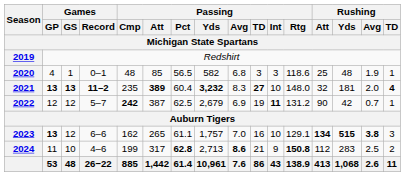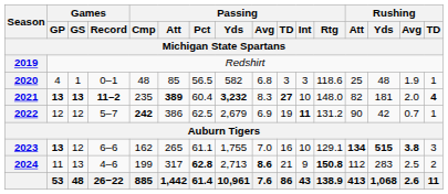 <table class="wikitable" style="text-align:center;">
 <tr>
 <th rowspan="2">Season</th>
 <th colspan="3">Games</th>
 <th colspan="8">Passing</th>
 <th colspan="5">Rushing</th>
 </tr>
 <tr>
 <th>GP</th>
 <th>GS</th>
 <th>Record</th>
 <th>Cmp</th>
 <th>Att</th>
 <th>Pct</th>
 <th>Yds</th>
 <th>Avg</th>
 <th>TD</th>
 <th>Int</th>
 <th>Rtg</th>
 <th>Att</th>
 <th>Yds</th>
 <th>Avg</th>
 <th>TD</th>
 </tr>
 <tr>
 <th colspan="16">Michigan State Spartans</th>
 </tr>
 <tr>
 <th><a href='#'>2019</a></th>
 <td colspan="15"><em>Redshirt </em></td>
 </tr>
 <tr>
 <th><a href='#'>2020</a></th>
 <td>4</td>
 <td>1</td>
 <td>0–1</td>
 <td>48</td>
 <td>85</td>
 <td>56.5</td>
 <td>582</td>
 <td>6.8</td>
 <td>3</td>
 <td>3</td>
 <td>118.6</td>
 <td>25</td>
 <td>48</td>
 <td>1.9</td>
 <td>1</td>
 </tr>
 <tr>
 <th><a href='#'>2021</a></th>
 <td><strong>13</strong></td>
 <td><strong>13</strong></td>
 <td><strong>11–2</strong></td>
 <td>235</td>
 <td><strong>389</strong></td>
 <td>60.4</td>
 <td><strong>3,232</strong></td>
 <td>8.3</td>
 <td><strong>27</strong></td>
 <td>10</td>
 <td>148.0</td>
-<td>32</td>
+<td>82</td>
 <td>181</td>
 <td>2.0</td>
 <td><strong>4</strong></td>
 </tr>
 <tr>
 <th><a href='#'>2022</a></th>
 <td>12</td>
 <td>12</td>
 <td>5–7</td>
 <td><strong>242</strong></td>
-<td>387</td>
+<td>386</td>
 <td>62.5</td>
 <td>2,679</td>
 <td>6.9</td>
 <td>19</td>
 <td><strong>11</strong></td>
 <td>131.2</td>
 <td>90</td>
 <td>42</td>
 <td>0.7</td>
 <td>1</td>
 </tr>
 <tr>
 <th colspan="16">Auburn Tigers</th>
 </tr>
 <tr>
 <th><a href='#'>2023</a></th>
 <td><strong>13</strong></td>
 <td>12</td>
 <td>6–6</td>
 <td>162</td>
 <td>265</td>
 <td>61.1</td>
-<td>1,757</td>
+<td>1,755</td>
 <td>7.0</td>
 <td>16</td>
 <td>10</td>
 <td>129.1</td>
 <td><strong>134</strong></td>
 <td><strong>515</strong></td>
 <td><strong>3.8</strong></td>
 <td>3</td>
 </tr>
 <tr>
 <th><a href='#'>2024</a></th>
 <td>11</td>
-<td>10</td>
+<td>13</td>
 <td>4–6</td>
 <td>199</td>
 <td>317</td>
 <td><strong>62.8</strong></td>
 <td>2,713</td>
 <td><strong>8.6</strong></td>
 <td>21</td>
 <td>9</td>
 <td><strong>150.8</strong></td>
 <td>112</td>
 <td>283</td>
 <td>2.5</td>
 <td>2</td>
 </tr>
 <tr>
 <th></th>
 <th>53</th>
 <th>48</th>
 <th>26−22</th>
 <th>885</th>
 <th>1,442</th>
 <th>61.4</th>
 <th>10,961</th>
 <th>7.6</th>
 <th>86</th>
 <th>43</th>
 <th>138.9</th>
 <th>413</th>
 <th>1,068</th>
 <th>2.6</th>
 <th>11</th>
 </tr>
 </table>
